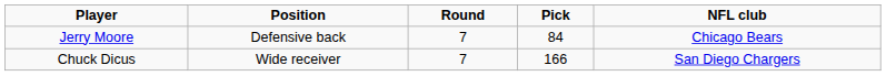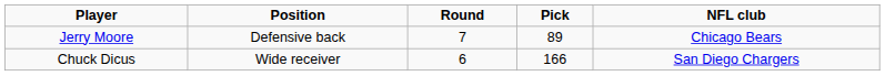 <table class="wikitable" width="80%">
 <tr align="center">
 <td><strong>Player</strong></td>
 <td><strong>Position</strong></td>
 <td><strong>Round</strong></td>
 <td><strong>Pick</strong></td>
 <td><strong>NFL club</strong></td>
 </tr>
 <tr align="center" bgcolor="">
 <td><a href='#'>Jerry Moore</a></td>
 <td>Defensive back</td>
 <td>7</td>
-<td>84</td>
+<td>89</td>
 <td><a href='#'>Chicago Bears</a></td>
 </tr>
 <tr align="center" bgcolor="">
 <td>Chuck Dicus</td>
 <td>Wide receiver</td>
-<td>7</td>
+<td>6</td>
 <td>166</td>
 <td><a href='#'>San Diego Chargers</a></td>
 </tr>
 </table>
